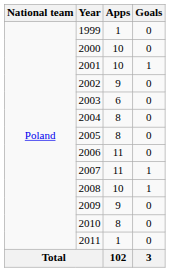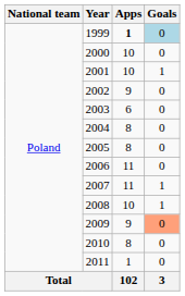 <table class="wikitable" style="text-align:center">
 <tr>
 <th>National team</th>
 <th>Year</th>
 <th>Apps</th>
 <th>Goals</th>
 </tr>
 <tr>
 <td rowspan="13"><a href='#'>Poland</a></td>
 <td>1999</td>
-<td>1</td>
-<td>0</td>
+<td><strong>1</strong></td>
+<td style="background: lightblue;">0</td>
 </tr>
 <tr>
 <td>2000</td>
 <td>10</td>
 <td>0</td>
 </tr>
 <tr>
 <td>2001</td>
 <td>10</td>
 <td>1</td>
 </tr>
 <tr>
 <td>2002</td>
 <td>9</td>
 <td>0</td>
 </tr>
 <tr>
 <td>2003</td>
 <td>6</td>
 <td>0</td>
 </tr>
 <tr>
 <td>2004</td>
 <td>8</td>
 <td>0</td>
 </tr>
 <tr>
 <td>2005</td>
 <td>8</td>
 <td>0</td>
 </tr>
 <tr>
 <td>2006</td>
 <td>11</td>
 <td>0</td>
 </tr>
 <tr>
 <td>2007</td>
 <td>11</td>
 <td>1</td>
 </tr>
 <tr>
 <td>2008</td>
 <td>10</td>
 <td>1</td>
 </tr>
 <tr>
 <td>2009</td>
 <td>9</td>
-<td>0</td>
+<td style="background: lightsalmon;">0</td>
 </tr>
 <tr>
 <td>2010</td>
 <td>8</td>
 <td>0</td>
 </tr>
 <tr>
 <td>2011</td>
 <td>1</td>
 <td>0</td>
 </tr>
 <tr>
 <th colspan="2">Total</th>
 <th>102</th>
 <th>3</th>
 </tr>
 </table>
